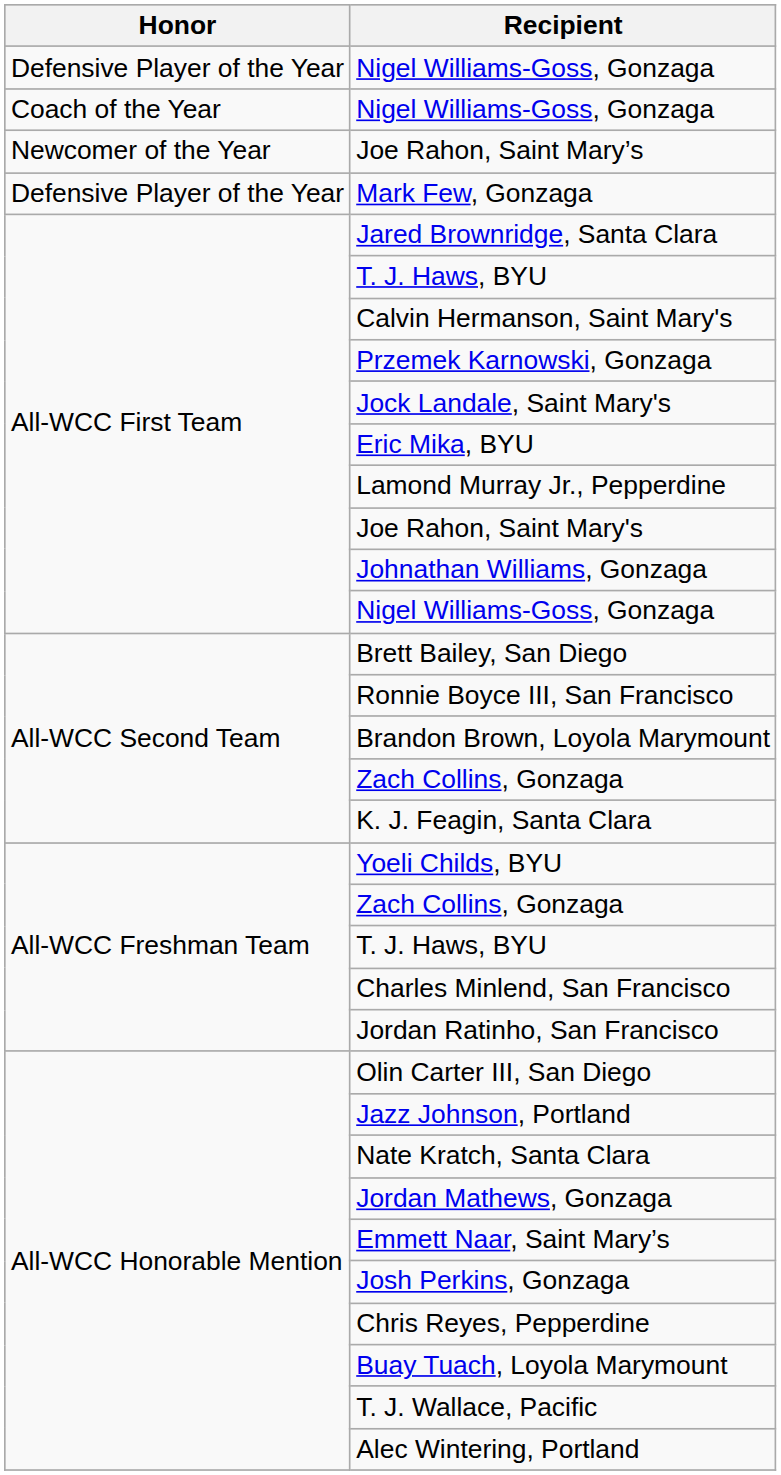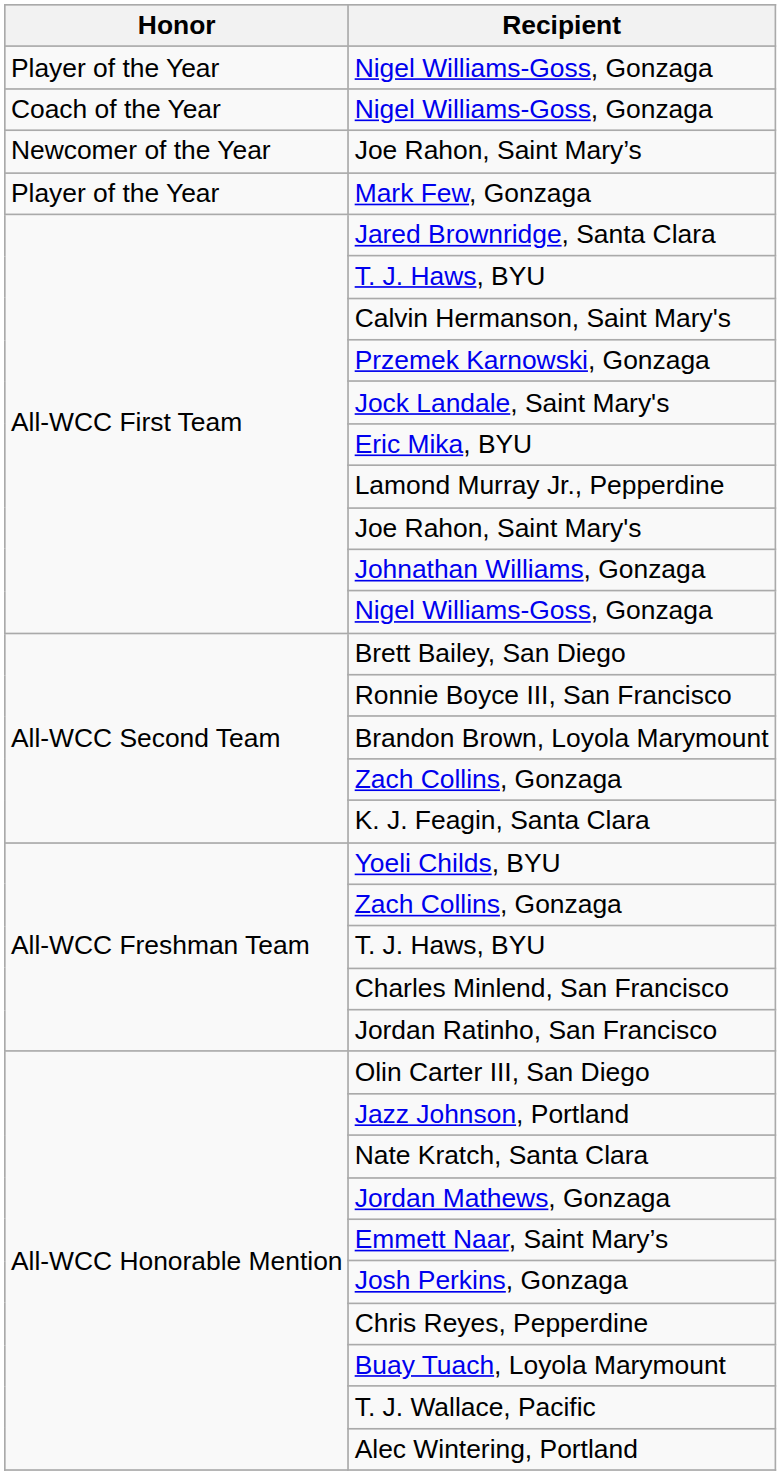 <table class="wikitable" border="1">
 <tr>
 <th>Honor</th>
 <th>Recipient</th>
 </tr>
 <tr>
-<td>Defensive Player of the Year</td>
+<td>Player of the Year</td>
 <td><a href='#'>Nigel Williams-Goss</a>, Gonzaga</td>
 </tr>
 <tr>
 <td>Coach of the Year</td>
 <td><a href='#'>Nigel Williams-Goss</a>, Gonzaga</td>
 </tr>
 <tr>
 <td>Newcomer of the Year</td>
 <td>Joe Rahon, Saint Mary’s</td>
 </tr>
 <tr>
-<td>Defensive Player of the Year</td>
+<td>Player of the Year</td>
 <td><a href='#'>Mark Few</a>, Gonzaga</td>
 </tr>
 <tr>
 <td rowspan=10 valign=middle>All-WCC First Team</td>
 <td><a href='#'>Jared Brownridge</a>, Santa Clara</td>
 </tr>
 <tr>
 <td><a href='#'>T. J. Haws</a>, BYU</td>
 </tr>
 <tr>
 <td>Calvin Hermanson, Saint Mary's</td>
 </tr>
 <tr>
 <td><a href='#'>Przemek Karnowski</a>, Gonzaga</td>
 </tr>
 <tr>
 <td><a href='#'>Jock Landale</a>, Saint Mary's</td>
 </tr>
 <tr>
 <td><a href='#'>Eric Mika</a>, BYU</td>
 </tr>
 <tr>
 <td>Lamond Murray Jr., Pepperdine</td>
 </tr>
 <tr>
 <td>Joe Rahon, Saint Mary's</td>
 </tr>
 <tr>
 <td><a href='#'>Johnathan Williams</a>, Gonzaga</td>
 </tr>
 <tr>
 <td><a href='#'>Nigel Williams-Goss</a>, Gonzaga</td>
 </tr>
 <tr>
 <td rowspan=5 valign=middle>All-WCC Second Team</td>
 <td>Brett Bailey, San Diego</td>
 </tr>
 <tr>
 <td>Ronnie Boyce III, San Francisco</td>
 </tr>
 <tr>
 <td>Brandon Brown, Loyola Marymount</td>
 </tr>
 <tr>
 <td><a href='#'>Zach Collins</a>, Gonzaga</td>
 </tr>
 <tr>
 <td>K. J. Feagin, Santa Clara</td>
 </tr>
 <tr>
 <td rowspan=5 valign=middle>All-WCC Freshman Team</td>
 <td><a href='#'>Yoeli Childs</a>, BYU</td>
 </tr>
 <tr>
 <td><a href='#'>Zach Collins</a>, Gonzaga</td>
 </tr>
 <tr>
 <td>T. J. Haws, BYU</td>
 </tr>
 <tr>
 <td>Charles Minlend, San Francisco</td>
 </tr>
 <tr>
 <td>Jordan Ratinho, San Francisco</td>
 </tr>
 <tr>
 <td rowspan=10 valign=middle>All-WCC Honorable Mention</td>
 <td>Olin Carter III, San Diego</td>
 </tr>
 <tr>
 <td><a href='#'>Jazz Johnson</a>, Portland</td>
 </tr>
 <tr>
 <td>Nate Kratch, Santa Clara</td>
 </tr>
 <tr>
 <td><a href='#'>Jordan Mathews</a>, Gonzaga</td>
 </tr>
 <tr>
 <td><a href='#'>Emmett Naar</a>, Saint Mary’s</td>
 </tr>
 <tr>
 <td><a href='#'>Josh Perkins</a>, Gonzaga</td>
 </tr>
 <tr>
 <td>Chris Reyes, Pepperdine</td>
 </tr>
 <tr>
 <td><a href='#'>Buay Tuach</a>, Loyola Marymount</td>
 </tr>
 <tr>
 <td>T. J. Wallace, Pacific</td>
 </tr>
 <tr>
 <td>Alec Wintering, Portland</td>
 </tr>
 </table>
